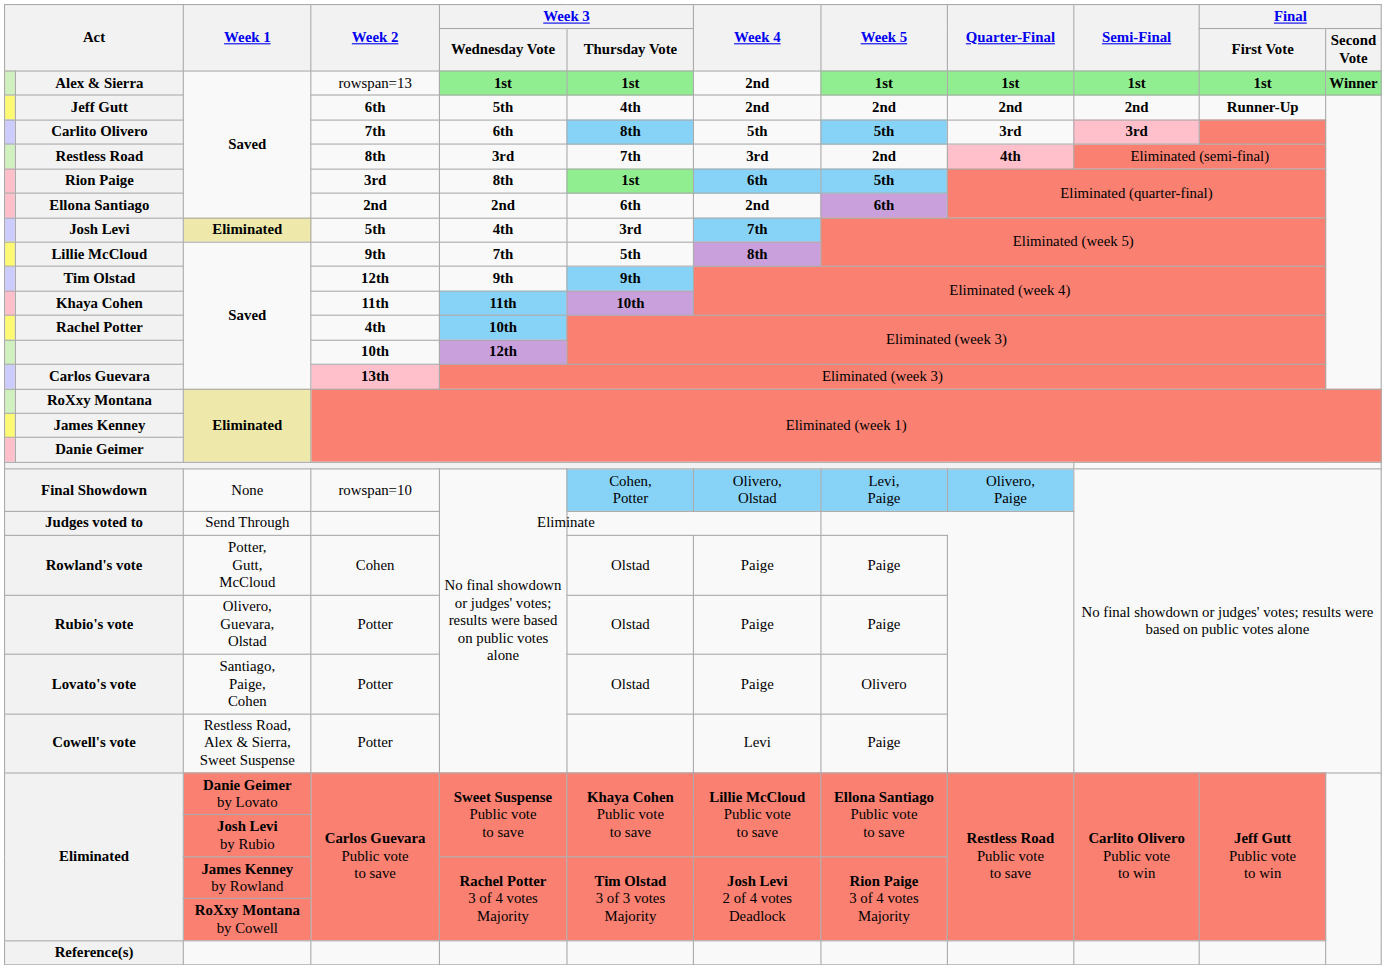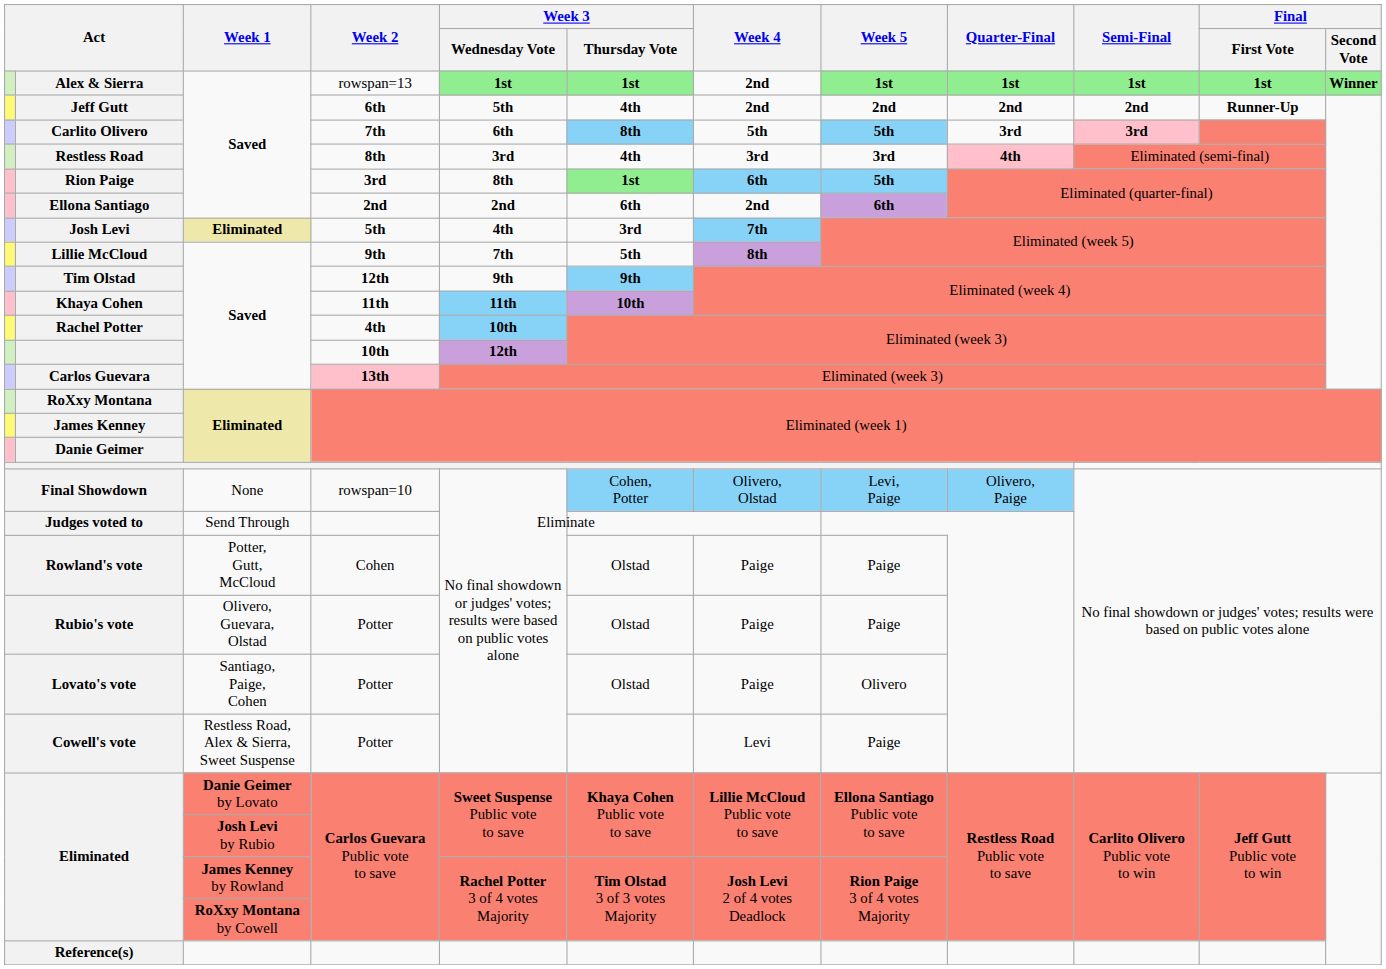 <table class="wikitable" style="text-align:center; font-size:85%; width:100%">
 <tr>
 <th style="width:13.6%" colspan="2" rowspan="2" scope="col">Act</th>
 <th style="width:9.6%" rowspan="2" scope="col"><a href='#'>Week 1</a></th>
 <th style="width:9.6%" rowspan="2" scope="col"><a href='#'>Week 2</a></th>
 <th colspan="2"><a href='#'>Week 3</a></th>
 <th style="width:9.6%" rowspan="2" scope="col"><a href='#'>Week 4</a></th>
 <th style="width:9.6%" rowspan="2" scope="col"><a href='#'>Week 5</a></th>
 <th style="width:9.6%" rowspan="2" scope="col"><a href='#'>Quarter-Final</a></th>
 <th style="width:9.6%" rowspan="2" scope="col"><a href='#'>Semi-Final</a></th>
 <th colspan="2"><a href='#'>Final</a></th>
 </tr>
 <tr>
 <th style="width:9.6%">Wednesday Vote</th>
 <th style="width:9.6%">Thursday Vote</th>
 <th style="width:9.6%">First Vote</th>
 <th style="width:9.6%">Second Vote</th>
 </tr>
 <tr>
 <th style="background:#d0f0c0"></th>
 <th scope="row">Alex & Sierra</th>
 <td rowspan=6><strong>Saved</strong></td>
 <td>rowspan=13 </td>
 <td style="background:lightgreen"><strong>1st</strong></td>
 <td style="background:lightgreen"><strong>1st</strong></td>
 <td><strong>2nd</strong></td>
 <td style="background:lightgreen"><strong>1st</strong></td>
 <td style="background:lightgreen"><strong>1st</strong></td>
 <td style="background:lightgreen"><strong>1st</strong></td>
 <td style="background:lightgreen"><strong>1st</strong></td>
 <td style="background:lightgreen"><strong>Winner</strong></td>
 </tr>
 <tr>
 <th style="background:#fffa73"></th>
 <th scope="row">Jeff Gutt</th>
 <td><strong>6th</strong></td>
 <td><strong>5th</strong></td>
 <td><strong>4th</strong></td>
 <td><strong>2nd</strong></td>
 <td><strong>2nd</strong></td>
 <td><strong>2nd</strong></td>
 <td><strong>2nd</strong></td>
 <td><strong>Runner-Up</strong></td>
 </tr>
 <tr>
 <th style="background:#ccf"></th>
 <th scope="row">Carlito Olivero</th>
 <td><strong>7th</strong></td>
 <td><strong>6th</strong></td>
 <td style="background:#87D3F8"><strong>8th</strong></td>
 <td><strong>5th</strong></td>
 <td style="background:#87D3F8"><strong>5th</strong></td>
 <td><strong>3rd</strong></td>
 <td style="background:pink"><strong>3rd</strong></td>
 <td style="background:salmon"></td>
 </tr>
 <tr>
 <th style="background:#d0f0c0"></th>
 <th scope="row">Restless Road</th>
 <td><strong>8th</strong></td>
 <td><strong>3rd</strong></td>
-<td><strong>7th</strong></td>
+<td><strong>4th</strong></td>
 <td><strong>3rd</strong></td>
-<td><strong>2nd</strong></td>
+<td><strong>3rd</strong></td>
 <td style="background:pink"><strong>4th</strong></td>
 <td colspan="2" style="background:salmon">Eliminated (semi-final)</td>
 </tr>
 <tr>
 <th style="background:pink"></th>
 <th scope="row">Rion Paige</th>
 <td><strong>3rd</strong></td>
 <td><strong>8th</strong></td>
 <td style="background:lightgreen"><strong>1st</strong></td>
 <td style="background:#87D3F8"><strong>6th</strong> </td>
 <td style="background:#87D3F8"><strong>5th</strong></td>
 <td rowspan="2" colspan="3" style="background:salmon">Eliminated (quarter-final)</td>
 </tr>
 <tr>
 <th style="background:pink"></th>
 <th scope="row">Ellona Santiago</th>
 <td><strong>2nd</strong></td>
 <td><strong>2nd</strong></td>
 <td><strong>6th</strong></td>
 <td><strong>2nd</strong></td>
 <td style="background:#C9A0DC"><strong>6th</strong></td>
 </tr>
 <tr>
 <th style="background:#ccf"></th>
 <th scope="row">Josh Levi</th>
 <td style="background:#EEE8AA"><strong>Eliminated</strong></td>
 <td><strong>5th</strong></td>
 <td><strong>4th</strong></td>
 <td><strong>3rd</strong></td>
 <td style="background:#87D3F8"><strong>7th</strong> </td>
 <td rowspan="2" colspan="4" style="background:salmon">Eliminated (week 5)</td>
 </tr>
 <tr>
 <th style="background:#fffa73"></th>
 <th scope="row">Lillie McCloud</th>
 <td rowspan=6><strong>Saved</strong></td>
 <td><strong>9th</strong></td>
 <td><strong>7th</strong></td>
 <td><strong>5th</strong></td>
 <td style="background:#C9A0DC"><strong>8th</strong></td>
 </tr>
 <tr>
 <th style="background:#ccf"></th>
 <th scope="row">Tim Olstad</th>
 <td><strong>12th</strong></td>
 <td><strong>9th</strong></td>
 <td style="background:#87D3F8"><strong>9th</strong></td>
 <td rowspan="2" colspan="5" style="background:salmon">Eliminated (week 4)</td>
 </tr>
 <tr>
 <th style="background:pink"></th>
 <th scope="row">Khaya Cohen</th>
 <td><strong>11th</strong></td>
 <td style="background:#87D3F8"><strong>11th</strong></td>
 <td style="background:#C9A0DC"><strong>10th</strong></td>
 </tr>
 <tr>
 <th style="background:#fffa73"></th>
 <th scope="row">Rachel Potter</th>
 <td><strong>4th</strong></td>
 <td style="background:#87D3F8"><strong>10th</strong></td>
 <td rowspan="2" colspan="6" style="background:salmon">Eliminated (week 3)</td>
 </tr>
 <tr>
 <th style="background:#d0f0c0"></th>
 <th scope="row"></th>
 <td><strong>10th</strong></td>
 <td style="background:#C9A0DC"><strong>12th</strong></td>
 </tr>
 <tr>
 <th style="background:#ccf"></th>
 <th scope="row">Carlos Guevara</th>
 <td style="background:pink"><strong>13th</strong></td>
 <td colspan="7" style="background:salmon">Eliminated (week 3)</td>
 </tr>
 <tr>
 <th style="background:#d0f0c0"></th>
 <th scope="row">RoXxy Montana</th>
 <td rowspan=3 style="background:#EEE8AA"><strong>Eliminated</strong></td>
 <td rowspan="3" colspan="9" style="background:salmon">Eliminated (week 1)</td>
 </tr>
 <tr>
 <th style="background:#fffa73"></th>
 <th scope="row">James Kenney</th>
 </tr>
 <tr>
 <th style="background:pink"></th>
 <th scope="row">Danie Geimer</th>
 </tr>
 <tr>
 <th colspan="9"></th>
 </tr>
 <tr>
 <th scope="row" colspan="2">Final Showdown </th>
 <td>None</td>
 <td>rowspan=10 </td>
 <td rowspan=6>No final showdown or judges' votes; results were based on public votes alone</td>
 <td style="background:#87D3F8">Cohen,<br>Potter</td>
 <td style="background:#87D3F8">Olivero,<br>Olstad</td>
 <td style="background:#87D3F8">Levi,<br>Paige</td>
 <td style="background:#87D3F8">Olivero,<br>Paige</td>
 <td colspan=3 rowspan=6>No final showdown or judges' votes; results were based on public votes alone</td>
 </tr>
 <tr>
 <th scope="row" colspan="2">Judges voted to</th>
 <td>Send Through</td>
 <td colspan="4">Eliminate</td>
 </tr>
 <tr>
 <th scope="row" colspan="2">Rowland's vote</th>
 <td>Potter,<br>Gutt,<br>McCloud</td>
 <td>Cohen</td>
 <td>Olstad</td>
 <td>Paige</td>
 <td>Paige</td>
 </tr>
 <tr>
 <th scope="row" colspan="2">Rubio's  vote</th>
 <td>Olivero,<br>Guevara,<br>Olstad</td>
 <td>Potter</td>
 <td>Olstad</td>
 <td>Paige</td>
 <td>Paige</td>
 </tr>
 <tr>
 <th scope="row" colspan="2">Lovato's vote</th>
 <td>Santiago,<br>Paige,<br>Cohen</td>
 <td>Potter</td>
 <td>Olstad</td>
 <td>Paige</td>
 <td>Olivero</td>
 </tr>
 <tr>
 <th scope="row" colspan="2">Cowell's vote</th>
 <td>Restless Road,<br>Alex & Sierra,<br>Sweet Suspense</td>
 <td>Potter</td>
 <td></td>
 <td>Levi</td>
 <td>Paige</td>
 </tr>
 <tr>
 <th scope="row" colspan="2" rowspan="4">Eliminated</th>
 <td style="background:salmon;"><strong>Danie Geimer</strong><br>by Lovato</td>
 <td style="background:salmon;" rowspan="4"><strong>Carlos Guevara</strong><br>Public vote<br>to save </td>
 <td style="background:salmon;" rowspan="2"><strong>Sweet Suspense</strong><br>Public vote<br>to save </td>
 <td style="background:salmon;" rowspan="2"><strong>Khaya Cohen</strong><br>Public vote<br>to save </td>
 <td style="background:salmon;" rowspan="2"><strong>Lillie McCloud</strong><br>Public vote<br>to save </td>
 <td style="background:salmon;" rowspan="2"><strong>Ellona Santiago</strong><br>Public vote<br>to save</td>
 <td style="background:salmon;" rowspan="4"><strong>Restless Road</strong><br>Public vote<br>to save</td>
 <td style="background:salmon;" rowspan="4"><strong>Carlito Olivero</strong><br>Public vote<br>to win</td>
 <td style="background:salmon;" rowspan="4"><strong>Jeff Gutt</strong><br>Public vote<br>to win</td>
 </tr>
 <tr>
 <td style="background:salmon;"><strong>Josh Levi</strong><br>by Rubio </td>
 </tr>
 <tr style="background:salmon;">
 <td><strong>James Kenney</strong><br>by Rowland</td>
 <td rowspan="2"><strong>Rachel Potter</strong><br>3 of 4 votes<br>Majority</td>
 <td rowspan="2"><strong>Tim Olstad</strong><br>3 of 3 votes<br>Majority</td>
 <td rowspan="2"><strong>Josh Levi</strong><br>2 of 4 votes<br>Deadlock</td>
 <td rowspan="2"><strong>Rion Paige</strong><br>3 of 4 votes<br>Majority</td>
 </tr>
 <tr>
 <td style="background:salmon;"><strong>RoXxy Montana</strong><br>by Cowell</td>
 </tr>
 <tr>
 <th scope="row" colspan="2">Reference(s)</th>
 <td></td>
 <td></td>
 <td></td>
 <td></td>
 <td></td>
 <td></td>
 <td></td>
 <td></td>
 <td></td>
 </tr>
 </table>
